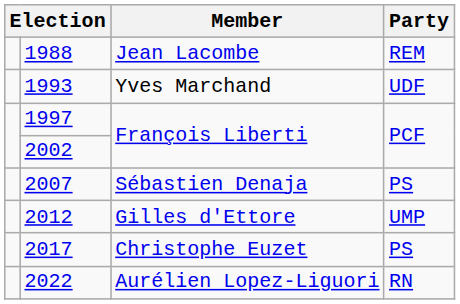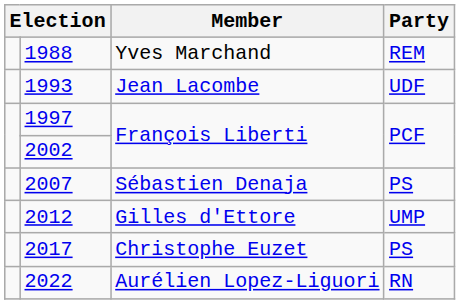 <table class="wikitable">
 <tr>
 <th colspan="2">Election</th>
 <th>Member</th>
 <th>Party</th>
 </tr>
 <tr>
 <td style="color:inherit;background-color: "></td>
 <td><a href='#'>1988</a></td>
-<td><a href='#'>Jean Lacombe</a></td>
+<td>Yves Marchand</td>
 <td><a href='#'>REM</a></td>
 </tr>
 <tr>
 <td style="color:inherit;background-color: "></td>
 <td><a href='#'>1993</a></td>
-<td>Yves Marchand</td>
+<td><a href='#'>Jean Lacombe</a></td>
 <td><a href='#'>UDF</a></td>
 </tr>
 <tr>
 <td rowspan="2" style="color:inherit;background-color: "></td>
 <td><a href='#'>1997</a></td>
 <td rowspan="2"><a href='#'>François Liberti</a></td>
 <td rowspan="2"><a href='#'>PCF</a></td>
 </tr>
 <tr>
 <td><a href='#'>2002</a></td>
 </tr>
 <tr>
 <td style="color:inherit;background-color: "></td>
 <td><a href='#'>2007</a></td>
 <td><a href='#'>Sébastien Denaja</a></td>
 <td><a href='#'>PS</a></td>
 </tr>
 <tr>
 <td style="color:inherit;background-color: "></td>
 <td><a href='#'>2012</a></td>
 <td><a href='#'>Gilles d'Ettore</a></td>
 <td><a href='#'>UMP</a></td>
 </tr>
 <tr>
 <td style="color:inherit;background-color: "></td>
 <td><a href='#'>2017</a></td>
 <td><a href='#'>Christophe Euzet</a></td>
 <td><a href='#'>PS</a></td>
 </tr>
 <tr>
 <td style="color:inherit;background-color: "></td>
 <td><a href='#'>2022</a></td>
 <td><a href='#'>Aurélien Lopez-Liguori</a></td>
 <td><a href='#'>RN</a></td>
 </tr>
 </table>
